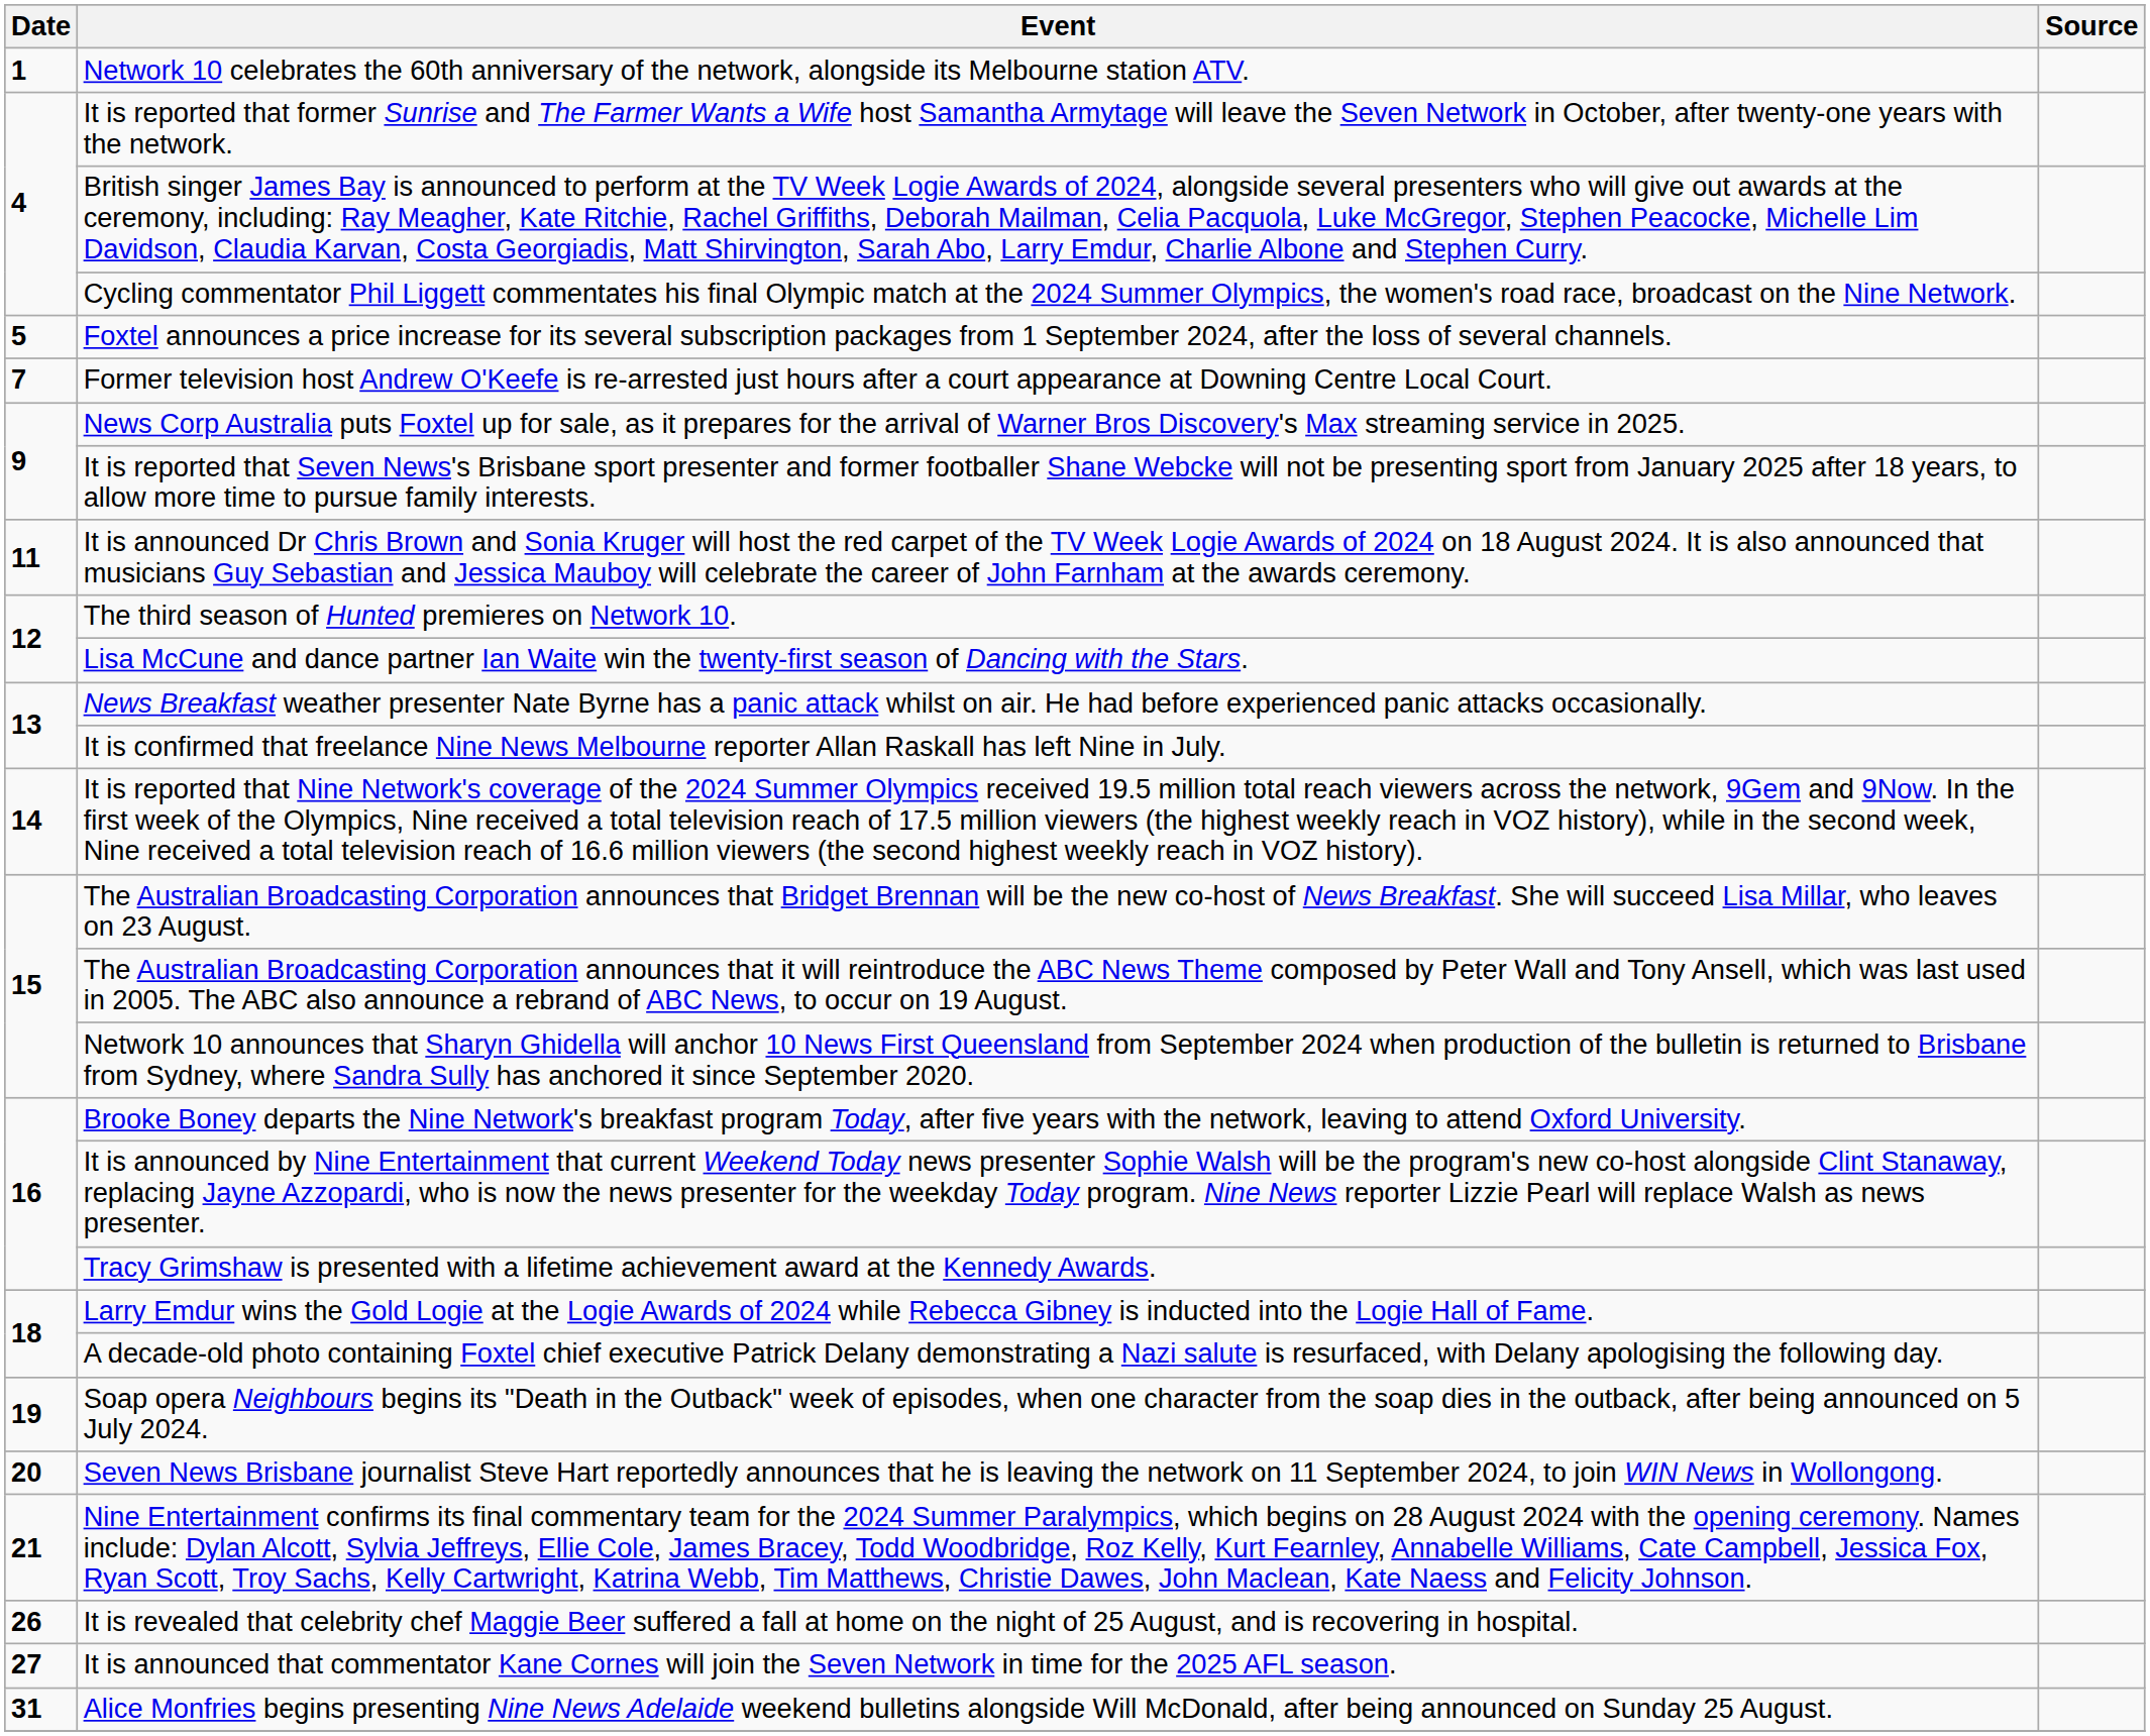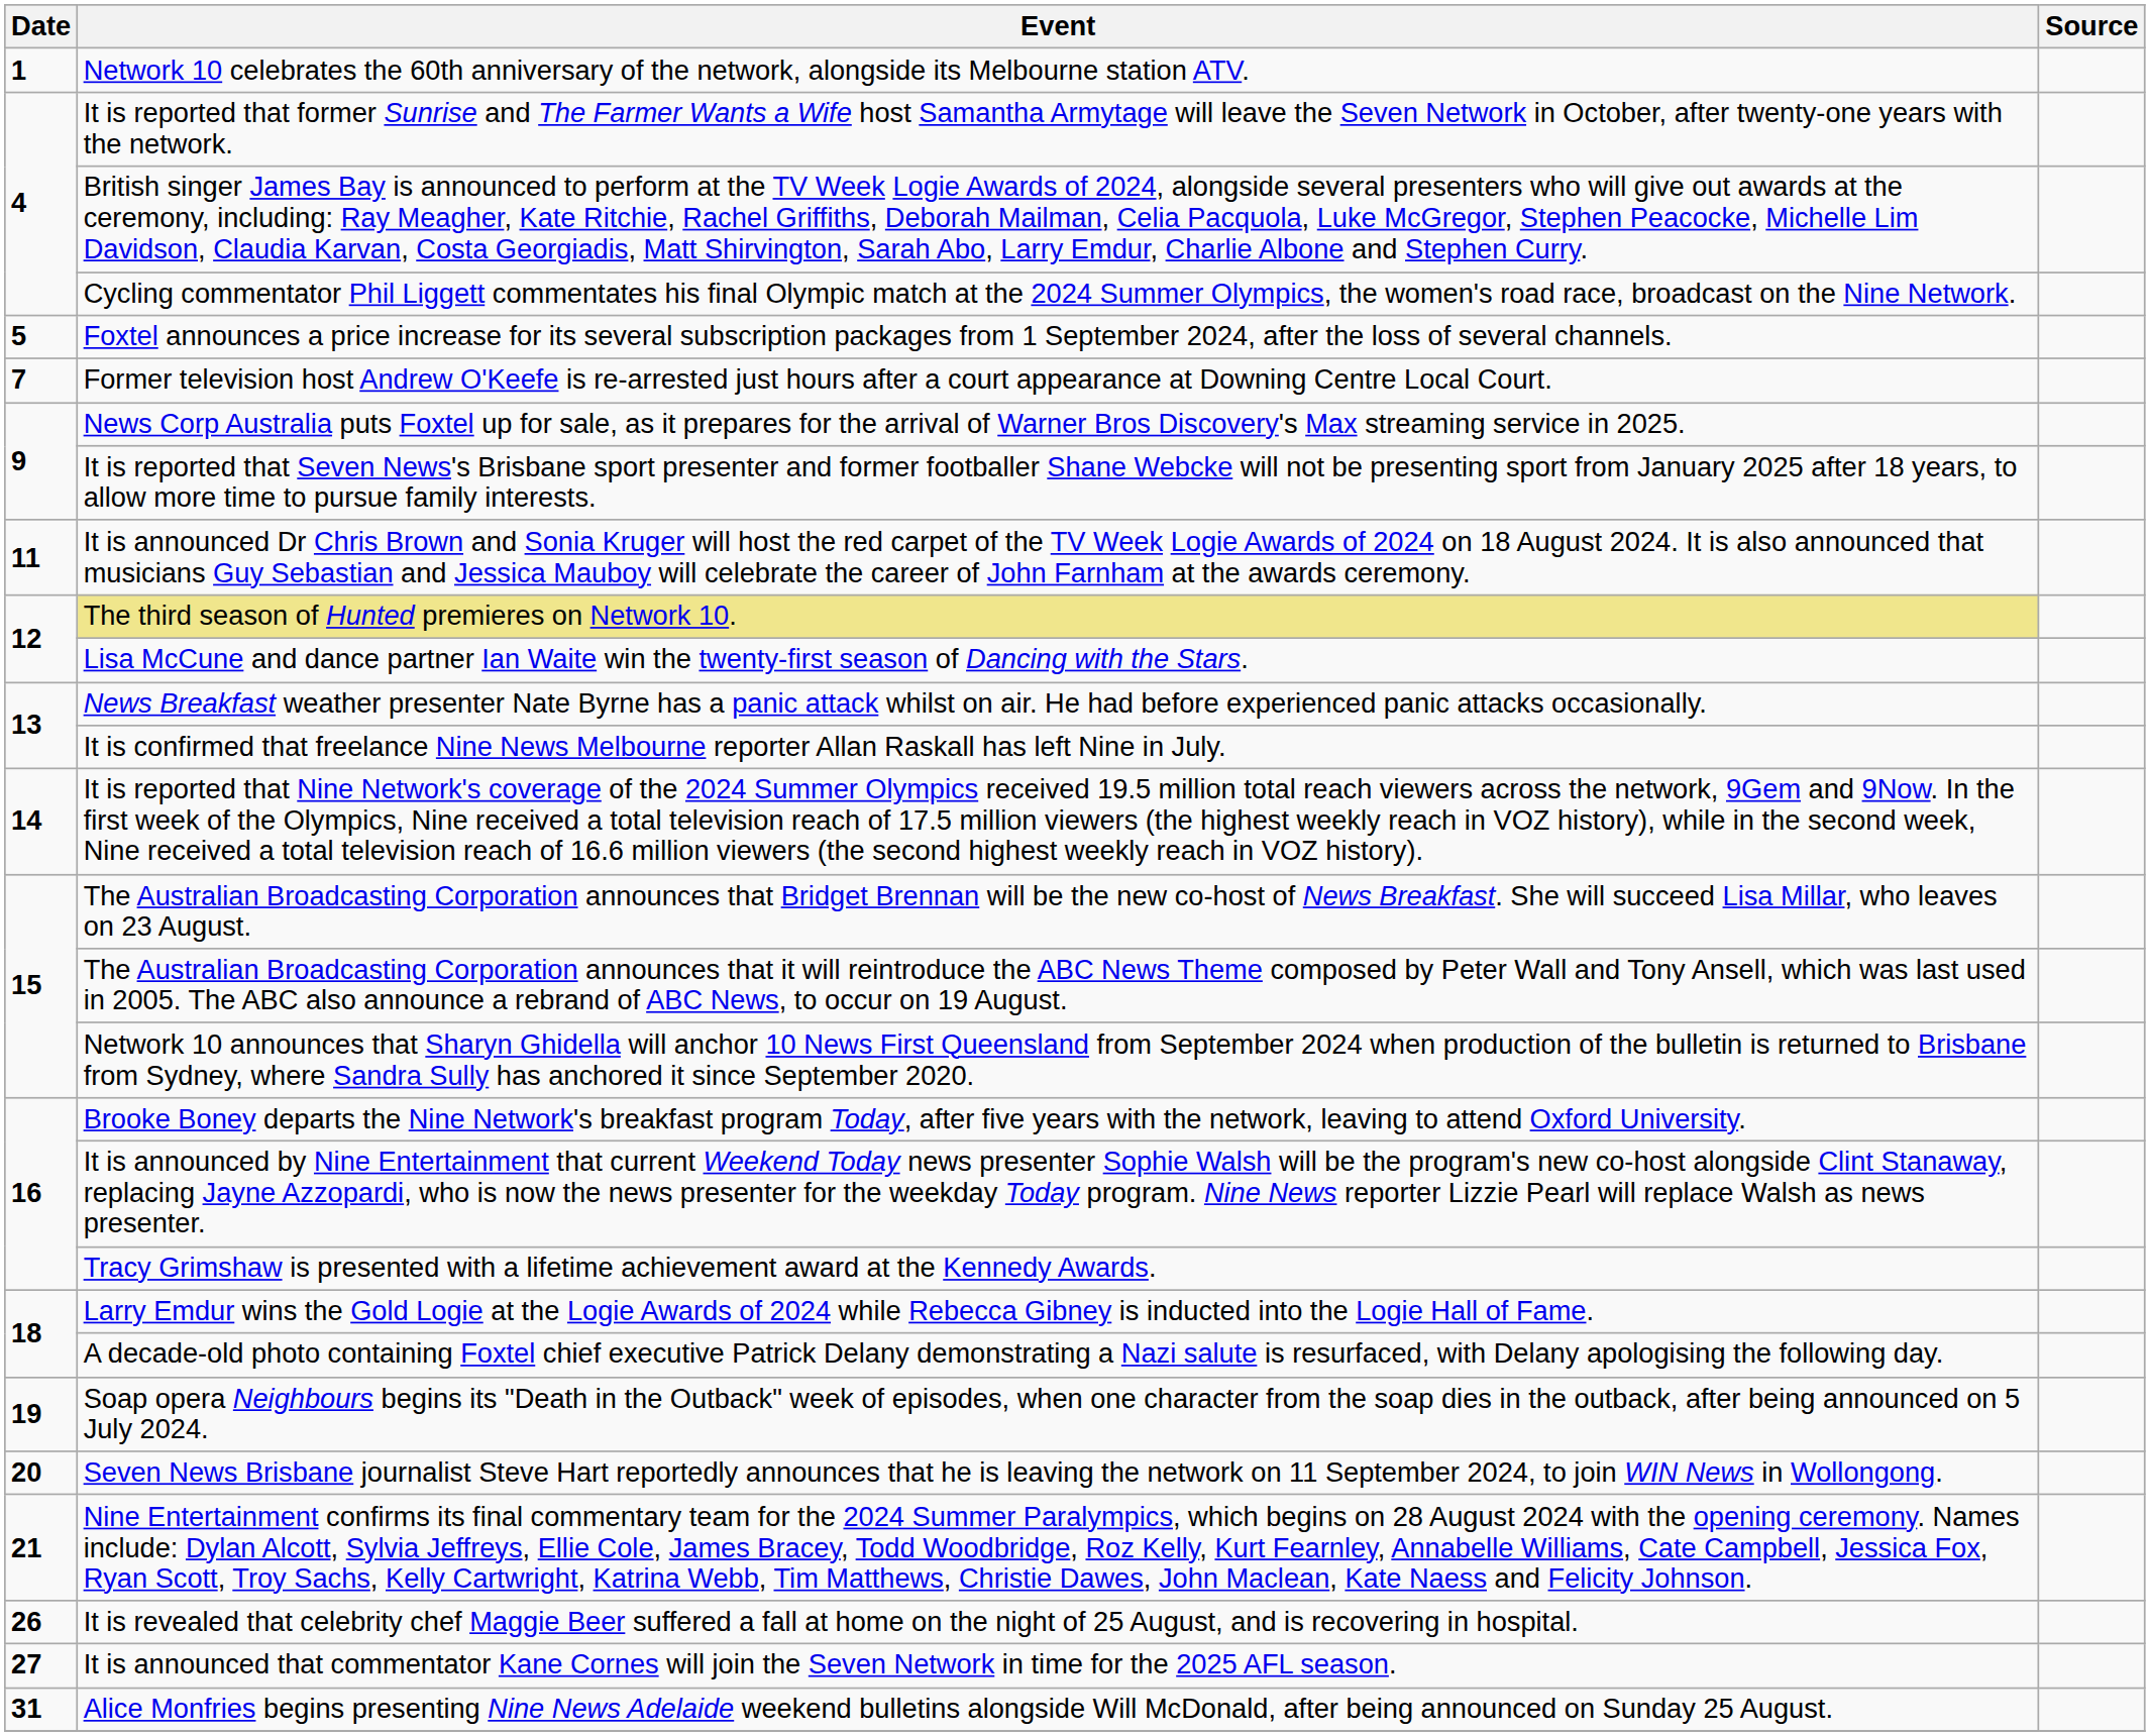 <table class="wikitable">
 <tr>
 <th>Date</th>
 <th>Event</th>
 <th>Source</th>
 </tr>
 <tr>
 <td><strong>1</strong></td>
 <td><a href='#'>Network 10</a> celebrates the 60th anniversary of the network, alongside its Melbourne station <a href='#'>ATV</a>.</td>
 <td></td>
 </tr>
 <tr>
 <td rowspan=3><strong>4</strong></td>
 <td>It is reported that former <em><a href='#'>Sunrise</a></em> and <em><a href='#'>The Farmer Wants a Wife</a></em> host <a href='#'>Samantha Armytage</a> will leave the <a href='#'>Seven Network</a> in October, after twenty-one years with the network.</td>
 <td></td>
 </tr>
 <tr>
 <td>British singer <a href='#'>James Bay</a> is announced to perform at the <a href='#'>TV Week</a> <a href='#'>Logie Awards of 2024</a>, alongside several presenters who will give out awards at the ceremony, including: <a href='#'>Ray Meagher</a>, <a href='#'>Kate Ritchie</a>, <a href='#'>Rachel Griffiths</a>, <a href='#'>Deborah Mailman</a>, <a href='#'>Celia Pacquola</a>, <a href='#'>Luke McGregor</a>, <a href='#'>Stephen Peacocke</a>, <a href='#'>Michelle Lim Davidson</a>, <a href='#'>Claudia Karvan</a>, <a href='#'>Costa Georgiadis</a>, <a href='#'>Matt Shirvington</a>, <a href='#'>Sarah Abo</a>, <a href='#'>Larry Emdur</a>, <a href='#'>Charlie Albone</a> and <a href='#'>Stephen Curry</a>.</td>
 <td></td>
 </tr>
 <tr>
 <td>Cycling commentator <a href='#'>Phil Liggett</a> commentates his final Olympic match at the <a href='#'>2024 Summer Olympics</a>, the women's road race, broadcast on the <a href='#'>Nine Network</a>.</td>
 <td></td>
 </tr>
 <tr>
 <td><strong>5</strong></td>
 <td><a href='#'>Foxtel</a> announces a price increase for its several subscription packages from 1 September 2024, after the loss of several channels.</td>
 <td></td>
 </tr>
 <tr>
 <td><strong>7</strong></td>
 <td>Former television host <a href='#'>Andrew O'Keefe</a> is re-arrested just hours after a court appearance at Downing Centre Local Court.</td>
 <td></td>
 </tr>
 <tr>
 <td rowspan=2><strong>9</strong></td>
 <td><a href='#'>News Corp Australia</a> puts <a href='#'>Foxtel</a> up for sale, as it prepares for the arrival of <a href='#'>Warner Bros Discovery</a>'s <a href='#'>Max</a> streaming service in 2025.</td>
 <td></td>
 </tr>
 <tr>
 <td>It is reported that <a href='#'>Seven News</a>'s Brisbane sport presenter and former footballer <a href='#'>Shane Webcke</a> will not be presenting sport from January 2025 after 18 years, to allow more time to pursue family interests.</td>
 <td></td>
 </tr>
 <tr>
 <td><strong>11</strong></td>
 <td>It is announced Dr <a href='#'>Chris Brown</a> and <a href='#'>Sonia Kruger</a> will host the red carpet of the <a href='#'>TV Week</a> <a href='#'>Logie Awards of 2024</a> on 18 August 2024. It is also announced that musicians <a href='#'>Guy Sebastian</a> and <a href='#'>Jessica Mauboy</a> will celebrate the career of <a href='#'>John Farnham</a> at the awards ceremony.</td>
 <td></td>
 </tr>
 <tr>
 <td rowspan=2><strong>12</strong></td>
-<td>The third season of <em><a href='#'>Hunted</a></em> premieres on <a href='#'>Network 10</a>.</td>
+<td style="background: khaki;">The third season of <em><a href='#'>Hunted</a></em> premieres on <a href='#'>Network 10</a>.</td>
 <td></td>
 </tr>
 <tr>
 <td><a href='#'>Lisa McCune</a> and dance partner <a href='#'>Ian Waite</a> win the <a href='#'>twenty-first season</a> of <em><a href='#'>Dancing with the Stars</a></em>.</td>
 <td></td>
 </tr>
 <tr>
 <td rowspan=2><strong>13</strong></td>
 <td><em><a href='#'>News Breakfast</a></em> weather presenter Nate Byrne has a <a href='#'>panic attack</a> whilst on air. He had before experienced panic attacks occasionally.</td>
 <td></td>
 </tr>
 <tr>
 <td>It is confirmed that freelance <a href='#'>Nine News Melbourne</a> reporter Allan Raskall has left Nine in July.</td>
 <td></td>
 </tr>
 <tr>
 <td><strong>14</strong></td>
 <td>It is reported that <a href='#'>Nine Network's coverage</a> of the <a href='#'>2024 Summer Olympics</a> received 19.5 million total reach viewers across the network, <a href='#'>9Gem</a> and <a href='#'>9Now</a>. In the first week of the Olympics, Nine received a total television reach of 17.5 million viewers (the highest weekly reach in VOZ history), while in the second week, Nine received a total television reach of 16.6 million viewers (the second highest weekly reach in VOZ history).</td>
 <td></td>
 </tr>
 <tr>
 <td rowspan=3><strong>15</strong></td>
 <td>The <a href='#'>Australian Broadcasting Corporation</a> announces that <a href='#'>Bridget Brennan</a> will be the new co-host of <em><a href='#'>News Breakfast</a></em>. She will succeed <a href='#'>Lisa Millar</a>, who leaves on 23 August.</td>
 <td></td>
 </tr>
 <tr>
 <td>The <a href='#'>Australian Broadcasting Corporation</a> announces that it will reintroduce the <a href='#'>ABC News Theme</a> composed by Peter Wall and Tony Ansell, which was last used in 2005. The ABC also announce a rebrand of <a href='#'>ABC News</a>, to occur on 19 August.</td>
 <td></td>
 </tr>
 <tr>
 <td>Network 10 announces that <a href='#'>Sharyn Ghidella</a> will anchor <a href='#'>10 News First Queensland</a> from September 2024 when production of the bulletin is returned to <a href='#'>Brisbane</a> from Sydney, where <a href='#'>Sandra Sully</a> has anchored it since September 2020.</td>
 <td></td>
 </tr>
 <tr>
 <td rowspan=3><strong>16</strong></td>
 <td><a href='#'>Brooke Boney</a> departs the <a href='#'>Nine Network</a>'s breakfast program <em><a href='#'>Today</a></em>, after five years with the network, leaving to attend <a href='#'>Oxford University</a>.</td>
 <td></td>
 </tr>
 <tr>
 <td>It is announced by <a href='#'>Nine Entertainment</a> that current <em><a href='#'>Weekend Today</a></em> news presenter <a href='#'>Sophie Walsh</a> will be the program's new co-host alongside <a href='#'>Clint Stanaway</a>, replacing <a href='#'>Jayne Azzopardi</a>, who is now the news presenter for the weekday <em><a href='#'>Today</a></em> program. <em><a href='#'>Nine News</a></em> reporter Lizzie Pearl will replace Walsh as news presenter.</td>
 <td></td>
 </tr>
 <tr>
 <td><a href='#'>Tracy Grimshaw</a> is presented with a lifetime achievement award at the <a href='#'>Kennedy Awards</a>.</td>
 <td></td>
 </tr>
 <tr>
 <td rowspan=2><strong>18</strong></td>
 <td><a href='#'>Larry Emdur</a> wins the <a href='#'>Gold Logie</a> at the <a href='#'>Logie Awards of 2024</a> while <a href='#'>Rebecca Gibney</a> is inducted into the <a href='#'>Logie Hall of Fame</a>.</td>
 <td></td>
 </tr>
 <tr>
 <td>A decade-old photo containing <a href='#'>Foxtel</a> chief executive Patrick Delany demonstrating a <a href='#'>Nazi salute</a> is resurfaced, with Delany apologising the following day.</td>
 <td></td>
 </tr>
 <tr>
 <td><strong>19</strong></td>
 <td>Soap opera <em><a href='#'>Neighbours</a></em> begins its "Death in the Outback" week of episodes, when one character from the soap dies in the outback, after being announced on 5 July 2024.</td>
 <td></td>
 </tr>
 <tr>
 <td><strong>20</strong></td>
 <td><a href='#'>Seven News Brisbane</a> journalist Steve Hart reportedly announces that he is leaving the network on 11 September 2024, to join <em><a href='#'>WIN News</a></em> in <a href='#'>Wollongong</a>.</td>
 <td></td>
 </tr>
 <tr>
 <td><strong>21</strong></td>
 <td><a href='#'>Nine Entertainment</a> confirms its final commentary team for the <a href='#'>2024 Summer Paralympics</a>, which begins on 28 August 2024 with the <a href='#'>opening ceremony</a>. Names include: <a href='#'>Dylan Alcott</a>, <a href='#'>Sylvia Jeffreys</a>, <a href='#'>Ellie Cole</a>, <a href='#'>James Bracey</a>, <a href='#'>Todd Woodbridge</a>, <a href='#'>Roz Kelly</a>, <a href='#'>Kurt Fearnley</a>, <a href='#'>Annabelle Williams</a>, <a href='#'>Cate Campbell</a>, <a href='#'>Jessica Fox</a>, <a href='#'>Ryan Scott</a>, <a href='#'>Troy Sachs</a>, <a href='#'>Kelly Cartwright</a>, <a href='#'>Katrina Webb</a>, <a href='#'>Tim Matthews</a>, <a href='#'>Christie Dawes</a>, <a href='#'>John Maclean</a>, <a href='#'>Kate Naess</a> and <a href='#'>Felicity Johnson</a>.</td>
 <td></td>
 </tr>
 <tr>
 <td><strong>26</strong></td>
 <td>It is revealed that celebrity chef <a href='#'>Maggie Beer</a> suffered a fall at home on the night of 25 August, and is recovering in hospital.</td>
 <td></td>
 </tr>
 <tr>
 <td><strong>27</strong></td>
 <td>It is announced that commentator <a href='#'>Kane Cornes</a> will join the <a href='#'>Seven Network</a> in time for the <a href='#'>2025 AFL season</a>.</td>
 <td></td>
 </tr>
 <tr>
 <td><strong>31</strong></td>
 <td><a href='#'>Alice Monfries</a> begins presenting <em><a href='#'>Nine News Adelaide</a></em> weekend bulletins alongside Will McDonald, after being announced on Sunday 25 August.</td>
 <td></td>
 </tr>
 <tr>
 </tr>
 </table>
